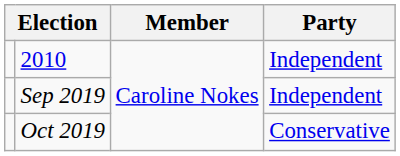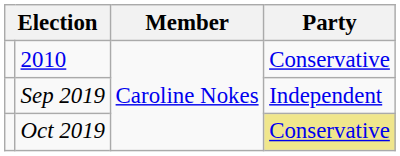 <table class="wikitable">
 <tr>
 <th colspan=2>Election</th>
 <th>Member</th>
 <th>Party</th>
 </tr>
 <tr>
 <td style="color:inherit;background-color: "></td>
 <td><a href='#'>2010</a></td>
 <td rowspan="3"><a href='#'>Caroline Nokes</a></td>
-<td><a href='#'>Independent</a></td>
+<td><a href='#'>Conservative</a></td>
 </tr>
 <tr>
 <td style="color:inherit;background-color: "></td>
 <td><em>Sep 2019</em></td>
 <td><a href='#'>Independent</a></td>
 </tr>
 <tr>
 <td style="color:inherit;background-color: "></td>
 <td><em>Oct 2019</em></td>
-<td><a href='#'>Conservative</a></td>
+<td style="background: khaki;"><a href='#'>Conservative</a></td>
 </tr>
 </table>
